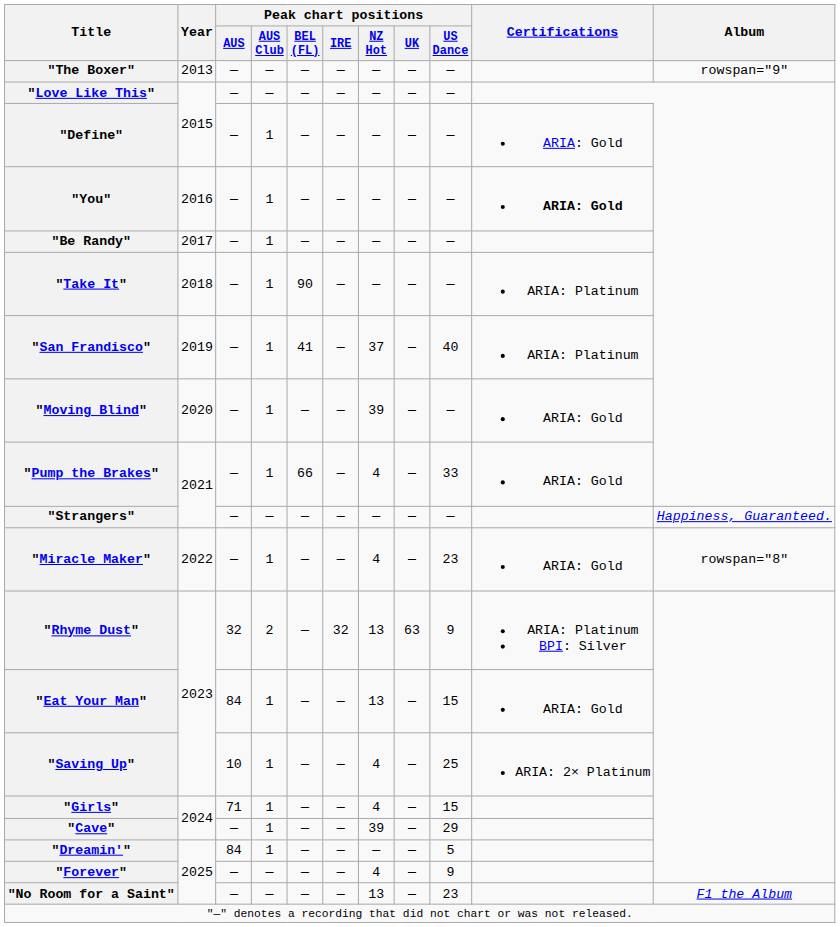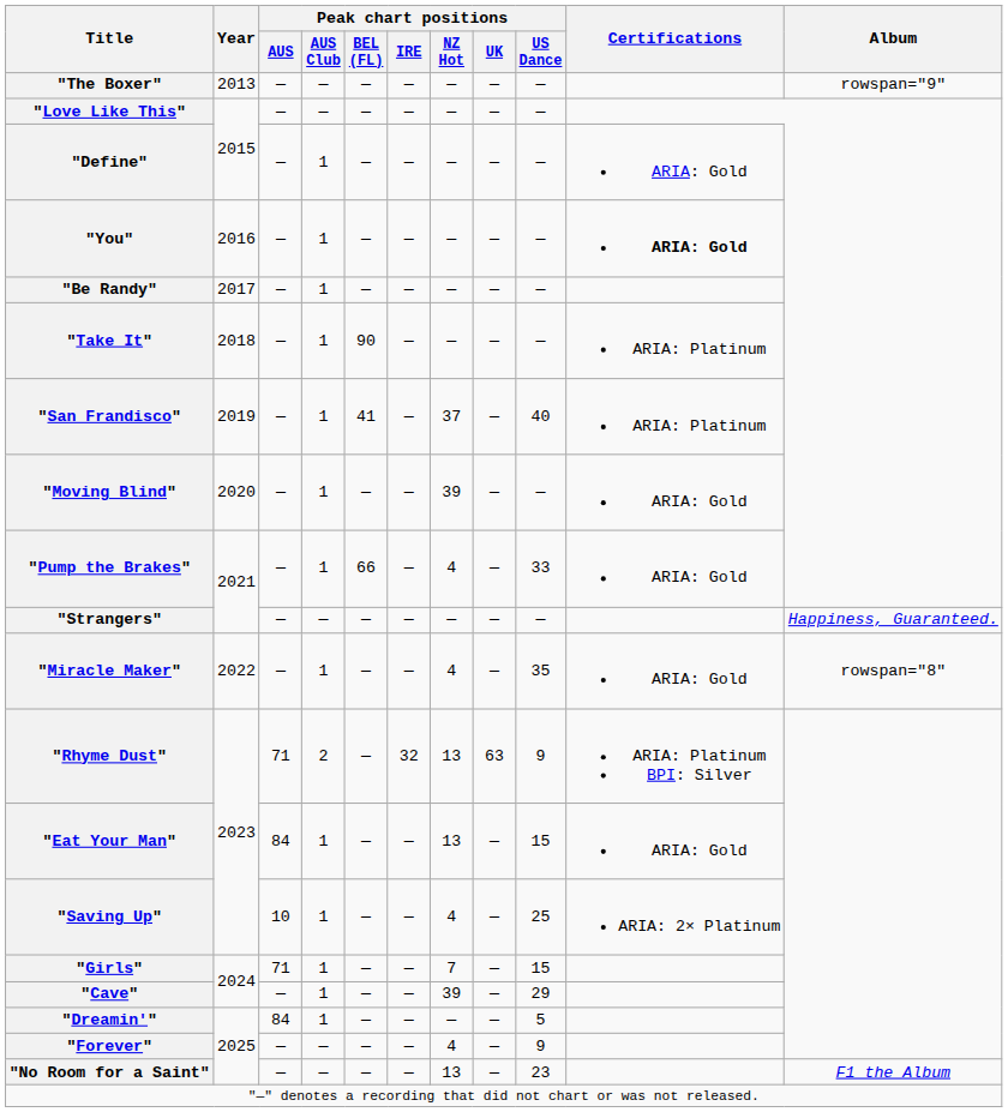 <table class="wikitable plainrowheaders" style="text-align:center;">
 <tr>
 <th scope="col" rowspan="2">Title</th>
 <th scope="col" rowspan="2">Year</th>
 <th scope="col" colspan="7">Peak chart positions</th>
 <th scope="col" rowspan="2"><a href='#'>Certifications</a></th>
 <th scope="col" rowspan="2">Album</th>
 </tr>
 <tr>
 <th scope="col" style="width:2.5em;font-size:90%;"><a href='#'>AUS</a><br></th>
 <th scope="col" style="width:2.5em;font-size:90%;"><a href='#'>AUS<br>Club</a><br></th>
 <th scope="col" style="width:2.5em;font-size:90%;"><a href='#'>BEL<br>(FL)</a><br></th>
 <th scope="col" style="width:2.5em;font-size:90%;"><a href='#'>IRE</a><br></th>
 <th scope="col" style="width:2.5em;font-size:90%;"><a href='#'>NZ<br>Hot</a><br></th>
 <th scope="col" style="width:2.5em;font-size:90%;"><a href='#'>UK</a><br></th>
 <th scope="col" style="width:2.5em;font-size:90%;"><a href='#'>US<br>Dance</a><br></th>
 </tr>
 <tr>
 <th scope="row">"The Boxer"</th>
 <td>2013</td>
 <td>—</td>
 <td>—</td>
 <td>—</td>
 <td>—</td>
 <td>—</td>
 <td>—</td>
 <td>—</td>
 <td></td>
 <td>rowspan="9" </td>
 </tr>
 <tr>
 <th scope="row">"<a href='#'>Love Like This</a>"</th>
 <td rowspan="2">2015</td>
 <td>—</td>
 <td>—</td>
 <td>—</td>
 <td>—</td>
 <td>—</td>
 <td>—</td>
 <td>—</td>
 </tr>
 <tr>
 <th scope="row">"Define"<br></th>
 <td>—</td>
 <td>1</td>
 <td>—</td>
 <td>—</td>
 <td>—</td>
 <td>—</td>
 <td>—</td>
 <td><br><ul><li><a href='#'>ARIA</a>: Gold</li></ul></td>
 </tr>
 <tr>
 <th scope="row">"You"</th>
 <td>2016</td>
 <td>—</td>
 <td>1</td>
 <td>—</td>
 <td>—</td>
 <td>—</td>
 <td>—</td>
 <td>—</td>
 <td><strong><br><ul><li>ARIA: Gold</li></ul></strong></td>
 </tr>
 <tr>
 <th scope="row">"Be Randy"<br></th>
 <td>2017</td>
 <td>—</td>
 <td>1</td>
 <td>—</td>
 <td>—</td>
 <td>—</td>
 <td>—</td>
 <td>—</td>
 <td></td>
 </tr>
 <tr>
 <th scope="row">"<a href='#'>Take It</a>"</th>
 <td>2018</td>
 <td>—</td>
 <td>1</td>
 <td>90</td>
 <td>—</td>
 <td>—</td>
 <td>—</td>
 <td>—</td>
 <td><br><ul><li>ARIA: Platinum</li></ul></td>
 </tr>
 <tr>
 <th scope="row">"<a href='#'>San Frandisco</a>"</th>
 <td>2019</td>
 <td>—</td>
 <td>1</td>
 <td>41</td>
 <td>—</td>
 <td>37</td>
 <td>—</td>
 <td>40</td>
 <td><br><ul><li>ARIA: Platinum</li></ul></td>
 </tr>
 <tr>
 <th scope="row">"<a href='#'>Moving Blind</a>"<br></th>
 <td>2020</td>
 <td>—</td>
 <td>1</td>
 <td>—</td>
 <td>—</td>
 <td>39</td>
 <td>—</td>
 <td>—</td>
 <td><br><ul><li>ARIA: Gold</li></ul></td>
 </tr>
 <tr>
 <th scope="row">"<a href='#'>Pump the Brakes</a>"</th>
 <td rowspan="2">2021</td>
 <td>—</td>
 <td>1</td>
 <td>66</td>
 <td>—</td>
 <td>4</td>
 <td>—</td>
 <td>33</td>
 <td><br><ul><li>ARIA: Gold</li></ul></td>
 </tr>
 <tr>
 <th scope="row">"Strangers"<br></th>
 <td>—</td>
 <td>—</td>
 <td>—</td>
 <td>—</td>
 <td>—</td>
 <td>—</td>
 <td>—</td>
 <td></td>
 <td><em><a href='#'>Happiness, Guaranteed.</a></em></td>
 </tr>
 <tr>
 <th scope="row">"<a href='#'>Miracle Maker</a>"<br></th>
 <td>2022</td>
 <td>—</td>
 <td>1</td>
 <td>—</td>
 <td>—</td>
 <td>4</td>
 <td>—</td>
-<td>23</td>
+<td>35</td>
 <td><br><ul><li>ARIA: Gold</li></ul></td>
 <td>rowspan="8" </td>
 </tr>
 <tr>
 <th scope="row">"<a href='#'>Rhyme Dust</a>"<br></th>
 <td rowspan="3">2023</td>
-<td>32</td>
+<td>71</td>
 <td>2</td>
 <td>—</td>
 <td>32</td>
 <td>13</td>
 <td>63</td>
 <td>9</td>
 <td><br><ul><li>ARIA: Platinum</li><li><a href='#'>BPI</a>: Silver</li></ul></td>
 </tr>
 <tr>
 <th scope="row">"<a href='#'>Eat Your Man</a>"<br></th>
 <td>84</td>
 <td>1</td>
 <td>—</td>
 <td>—</td>
 <td>13</td>
 <td>—</td>
 <td>15</td>
 <td><br><ul><li>ARIA: Gold</li></ul></td>
 </tr>
 <tr>
 <th scope="row">"<a href='#'>Saving Up</a>"</th>
 <td>10</td>
 <td>1</td>
 <td>—</td>
 <td>—</td>
 <td>4</td>
 <td>—</td>
 <td>25</td>
 <td><br><ul><li>ARIA: 2× Platinum</li></ul></td>
 </tr>
 <tr>
 <th scope="row">"<a href='#'>Girls</a>"</th>
 <td rowspan="2">2024</td>
 <td>71</td>
 <td>1</td>
 <td>—</td>
 <td>—</td>
-<td>4</td>
+<td>7</td>
 <td>—</td>
 <td>15</td>
 <td></td>
 </tr>
 <tr>
 <th scope="row">"<a href='#'>Cave</a>"<br></th>
 <td>—</td>
 <td>1</td>
 <td>—</td>
 <td>—</td>
 <td>39</td>
 <td>—</td>
 <td>29</td>
 <td></td>
 </tr>
 <tr>
 <th scope="row">"<a href='#'>Dreamin'</a>"<br></th>
 <td rowspan="3">2025</td>
 <td>84</td>
 <td>1</td>
 <td>—</td>
 <td>—</td>
 <td>—</td>
 <td>—</td>
 <td>5</td>
 <td></td>
 </tr>
 <tr>
 <th scope="row">"<a href='#'>Forever</a>"<br></th>
 <td>—</td>
 <td>—</td>
 <td>—</td>
 <td>—</td>
 <td>4</td>
 <td>—</td>
 <td>9</td>
 <td></td>
 </tr>
 <tr>
 <th scope="row">"No Room for a Saint"<br></th>
 <td>—</td>
 <td>—</td>
 <td>—</td>
 <td>—</td>
 <td>13</td>
 <td>—</td>
 <td>23</td>
 <td></td>
 <td><em><a href='#'>F1 the Album</a></td>
 </tr>
 <tr>
 <td colspan="11" style="font-size:85%">"—" denotes a recording that did not chart or was not released.</td>
 </tr>
 </table>
